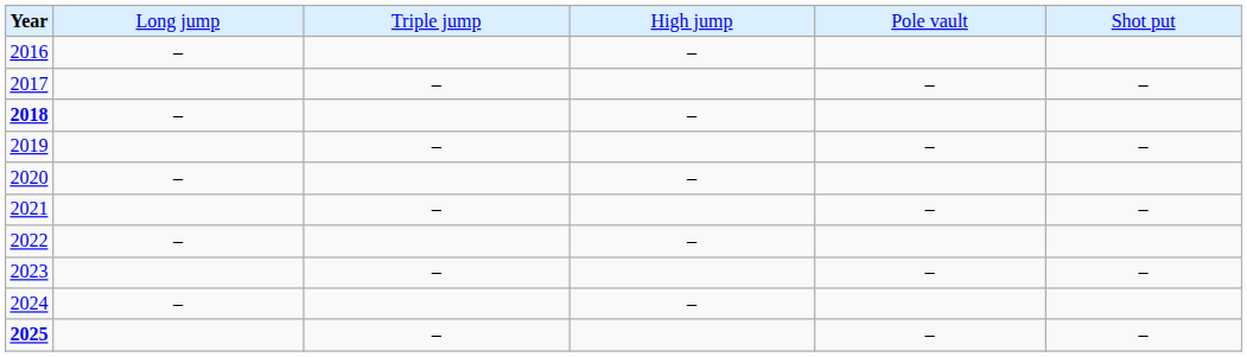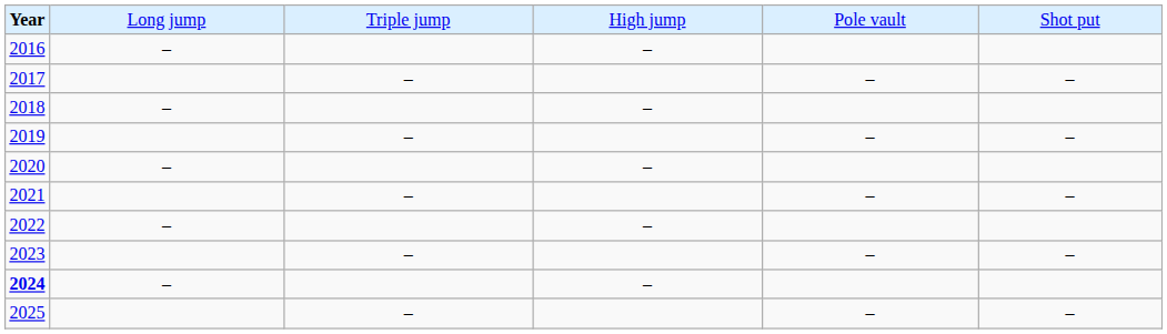 <table class="wikitable" style="font-size:85%; text-align:center; float:center; width:100%">
 <tr align="center" bgcolor="#DAEFFF">
 <td width=20><strong>Year</strong></td>
 <td><a href='#'>Long jump</a></td>
 <td><a href='#'>Triple jump</a></td>
 <td><a href='#'>High jump</a></td>
 <td><a href='#'>Pole vault</a></td>
 <td><a href='#'>Shot put</a></td>
 </tr>
 <tr>
 <td><a href='#'>2016</a></td>
 <td>–</td>
 <td></td>
 <td>–</td>
 <td></td>
 <td></td>
 </tr>
 <tr>
 <td><a href='#'>2017</a></td>
 <td></td>
 <td>–</td>
 <td></td>
 <td>–</td>
 <td>–</td>
 </tr>
 <tr>
-<td><strong><a href='#'>2018</a></strong></td>
+<td><a href='#'>2018</a></td>
 <td>–</td>
 <td></td>
 <td>–</td>
 <td></td>
 <td></td>
 </tr>
 <tr>
 <td><a href='#'>2019</a></td>
 <td></td>
 <td>–</td>
 <td></td>
 <td>–</td>
 <td>–</td>
 </tr>
 <tr>
 <td><a href='#'>2020</a></td>
 <td>–</td>
 <td></td>
 <td>–</td>
 <td></td>
 <td></td>
 </tr>
 <tr>
 <td><a href='#'>2021</a></td>
 <td></td>
 <td>–</td>
 <td></td>
 <td>–</td>
 <td>–</td>
 </tr>
 <tr>
 <td><a href='#'>2022</a></td>
 <td>–</td>
 <td></td>
 <td>–</td>
 <td></td>
 <td></td>
 </tr>
 <tr>
 <td><a href='#'>2023</a></td>
 <td></td>
 <td>–</td>
 <td></td>
 <td>–</td>
 <td>–</td>
 </tr>
 <tr>
-<td><a href='#'>2024</a></td>
+<td><strong><a href='#'>2024</a></strong></td>
 <td>–</td>
 <td></td>
 <td>–</td>
 <td></td>
 <td></td>
 </tr>
 <tr>
-<td><strong><a href='#'>2025</a></strong></td>
+<td><a href='#'>2025</a></td>
 <td></td>
 <td>–</td>
 <td></td>
 <td>–</td>
 <td>–</td>
 </tr>
 </table>
